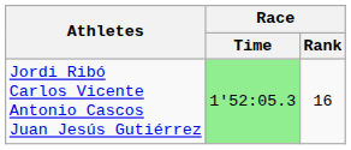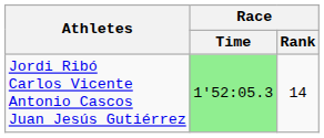 <table class="wikitable" border="1" style="font-size:90%">
 <tr>
 <th rowspan=2>Athletes</th>
 <th colspan=2>Race</th>
 </tr>
 <tr>
 <th>Time</th>
 <th>Rank</th>
 </tr>
 <tr>
 <td><a href='#'>Jordi Ribó</a><br><a href='#'>Carlos Vicente</a><br><a href='#'>Antonio Cascos</a><br><a href='#'>Juan Jesús Gutiérrez</a></td>
 <td align=center style="background: lightgreen;">1'52:05.3</td>
-<td align=center>16</td>
+<td align=center>14</td>
 </tr>
 </table>
